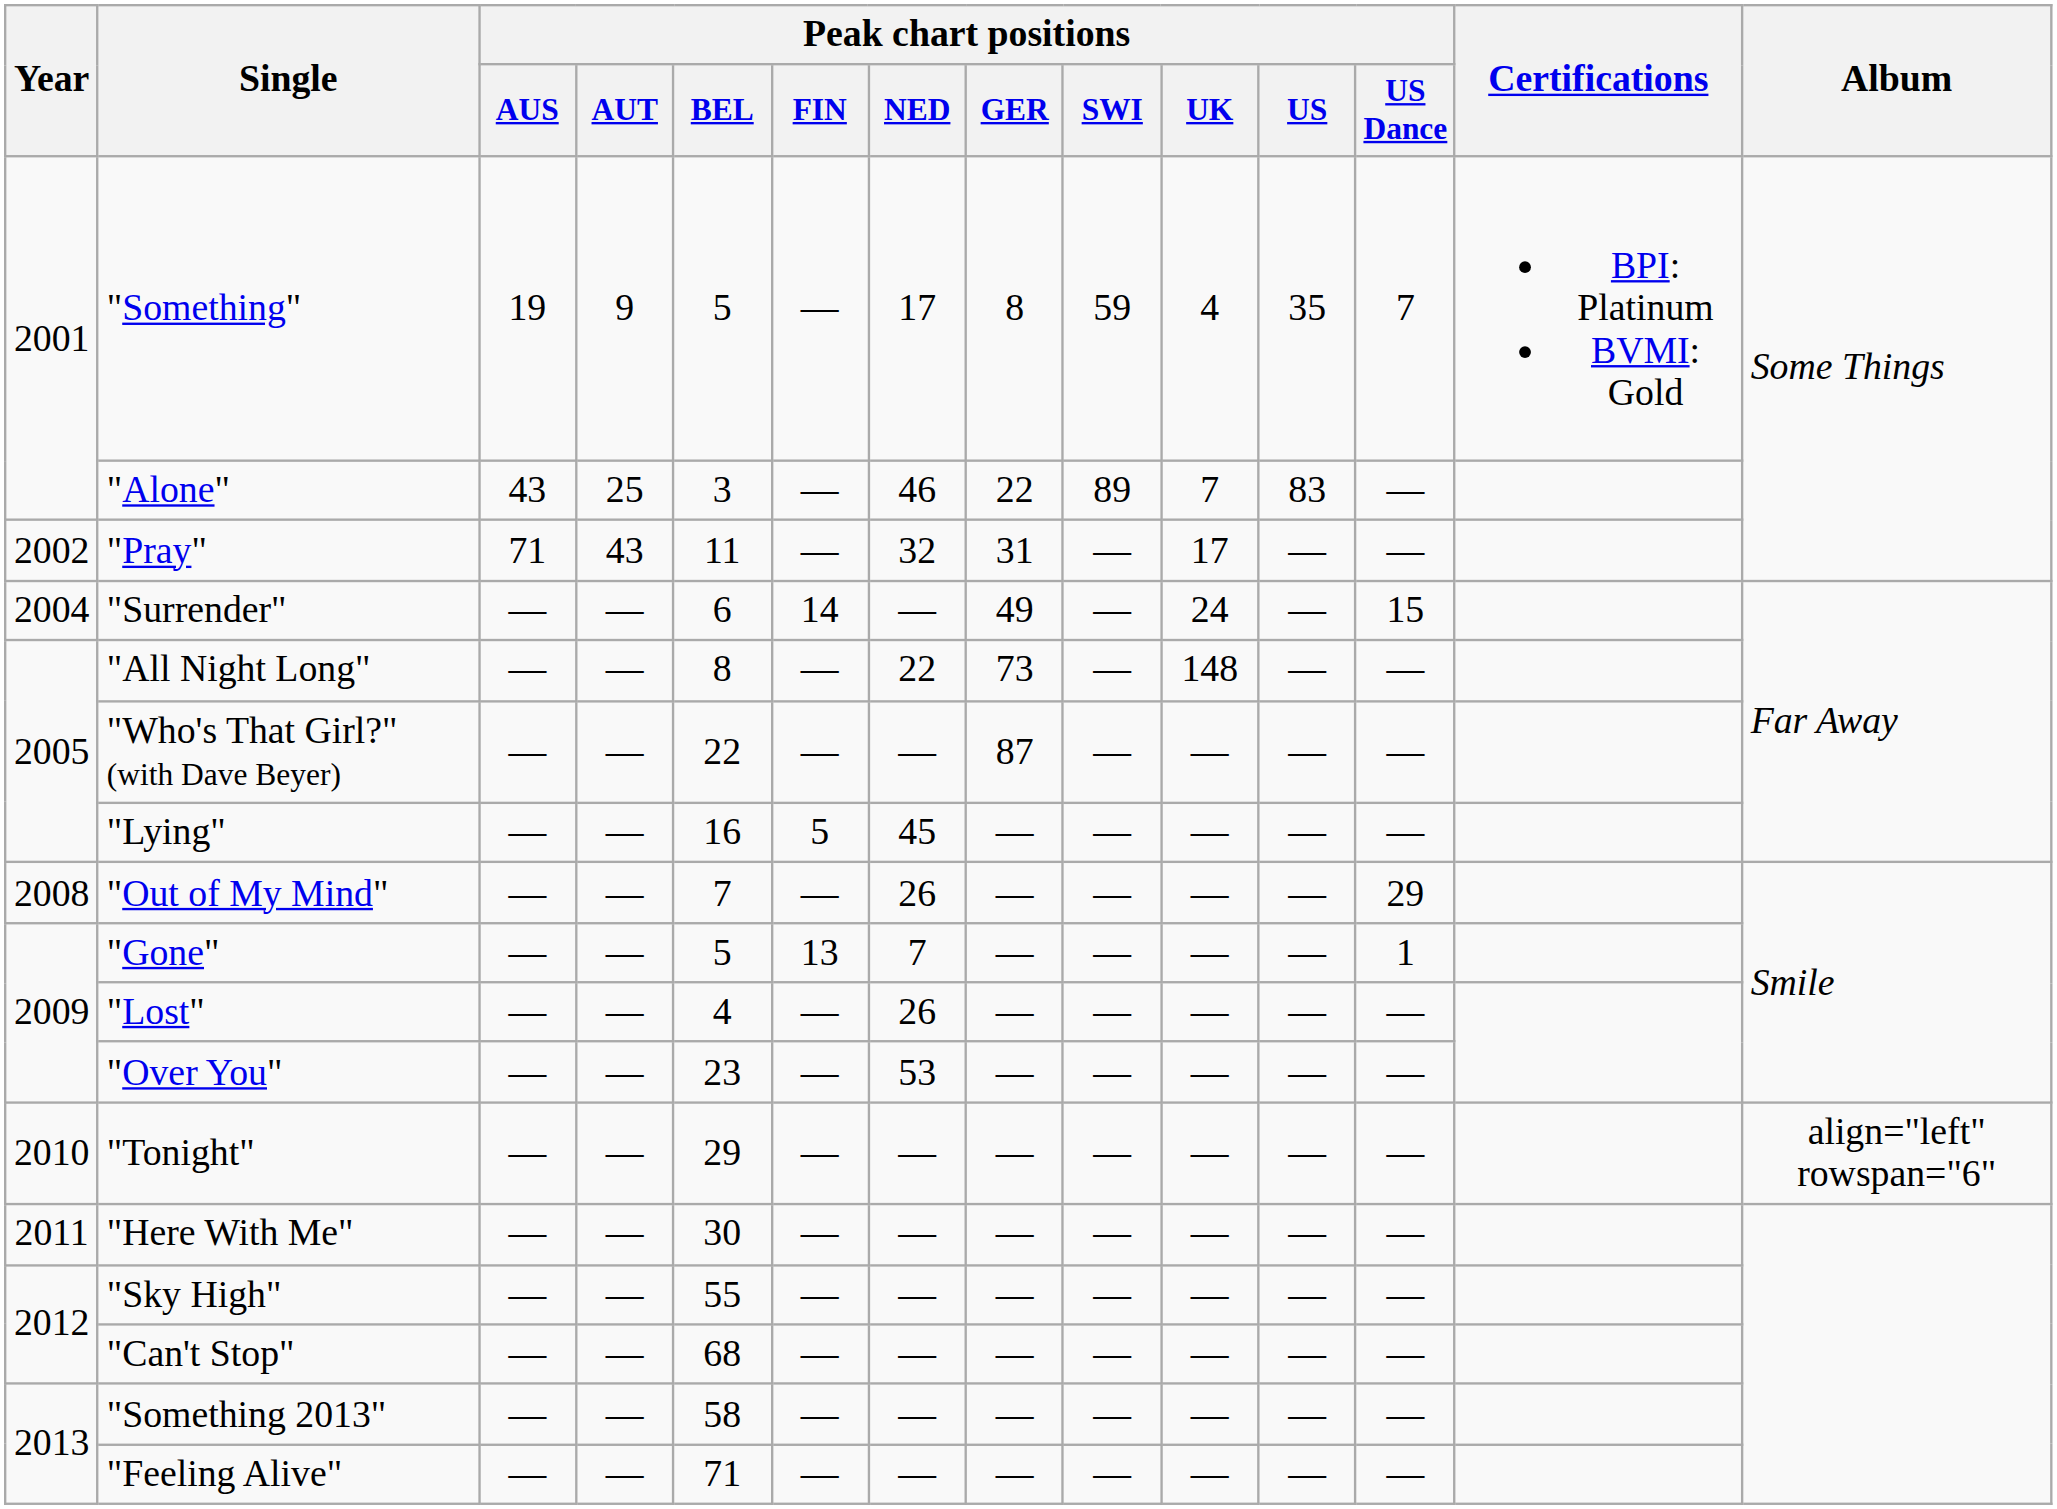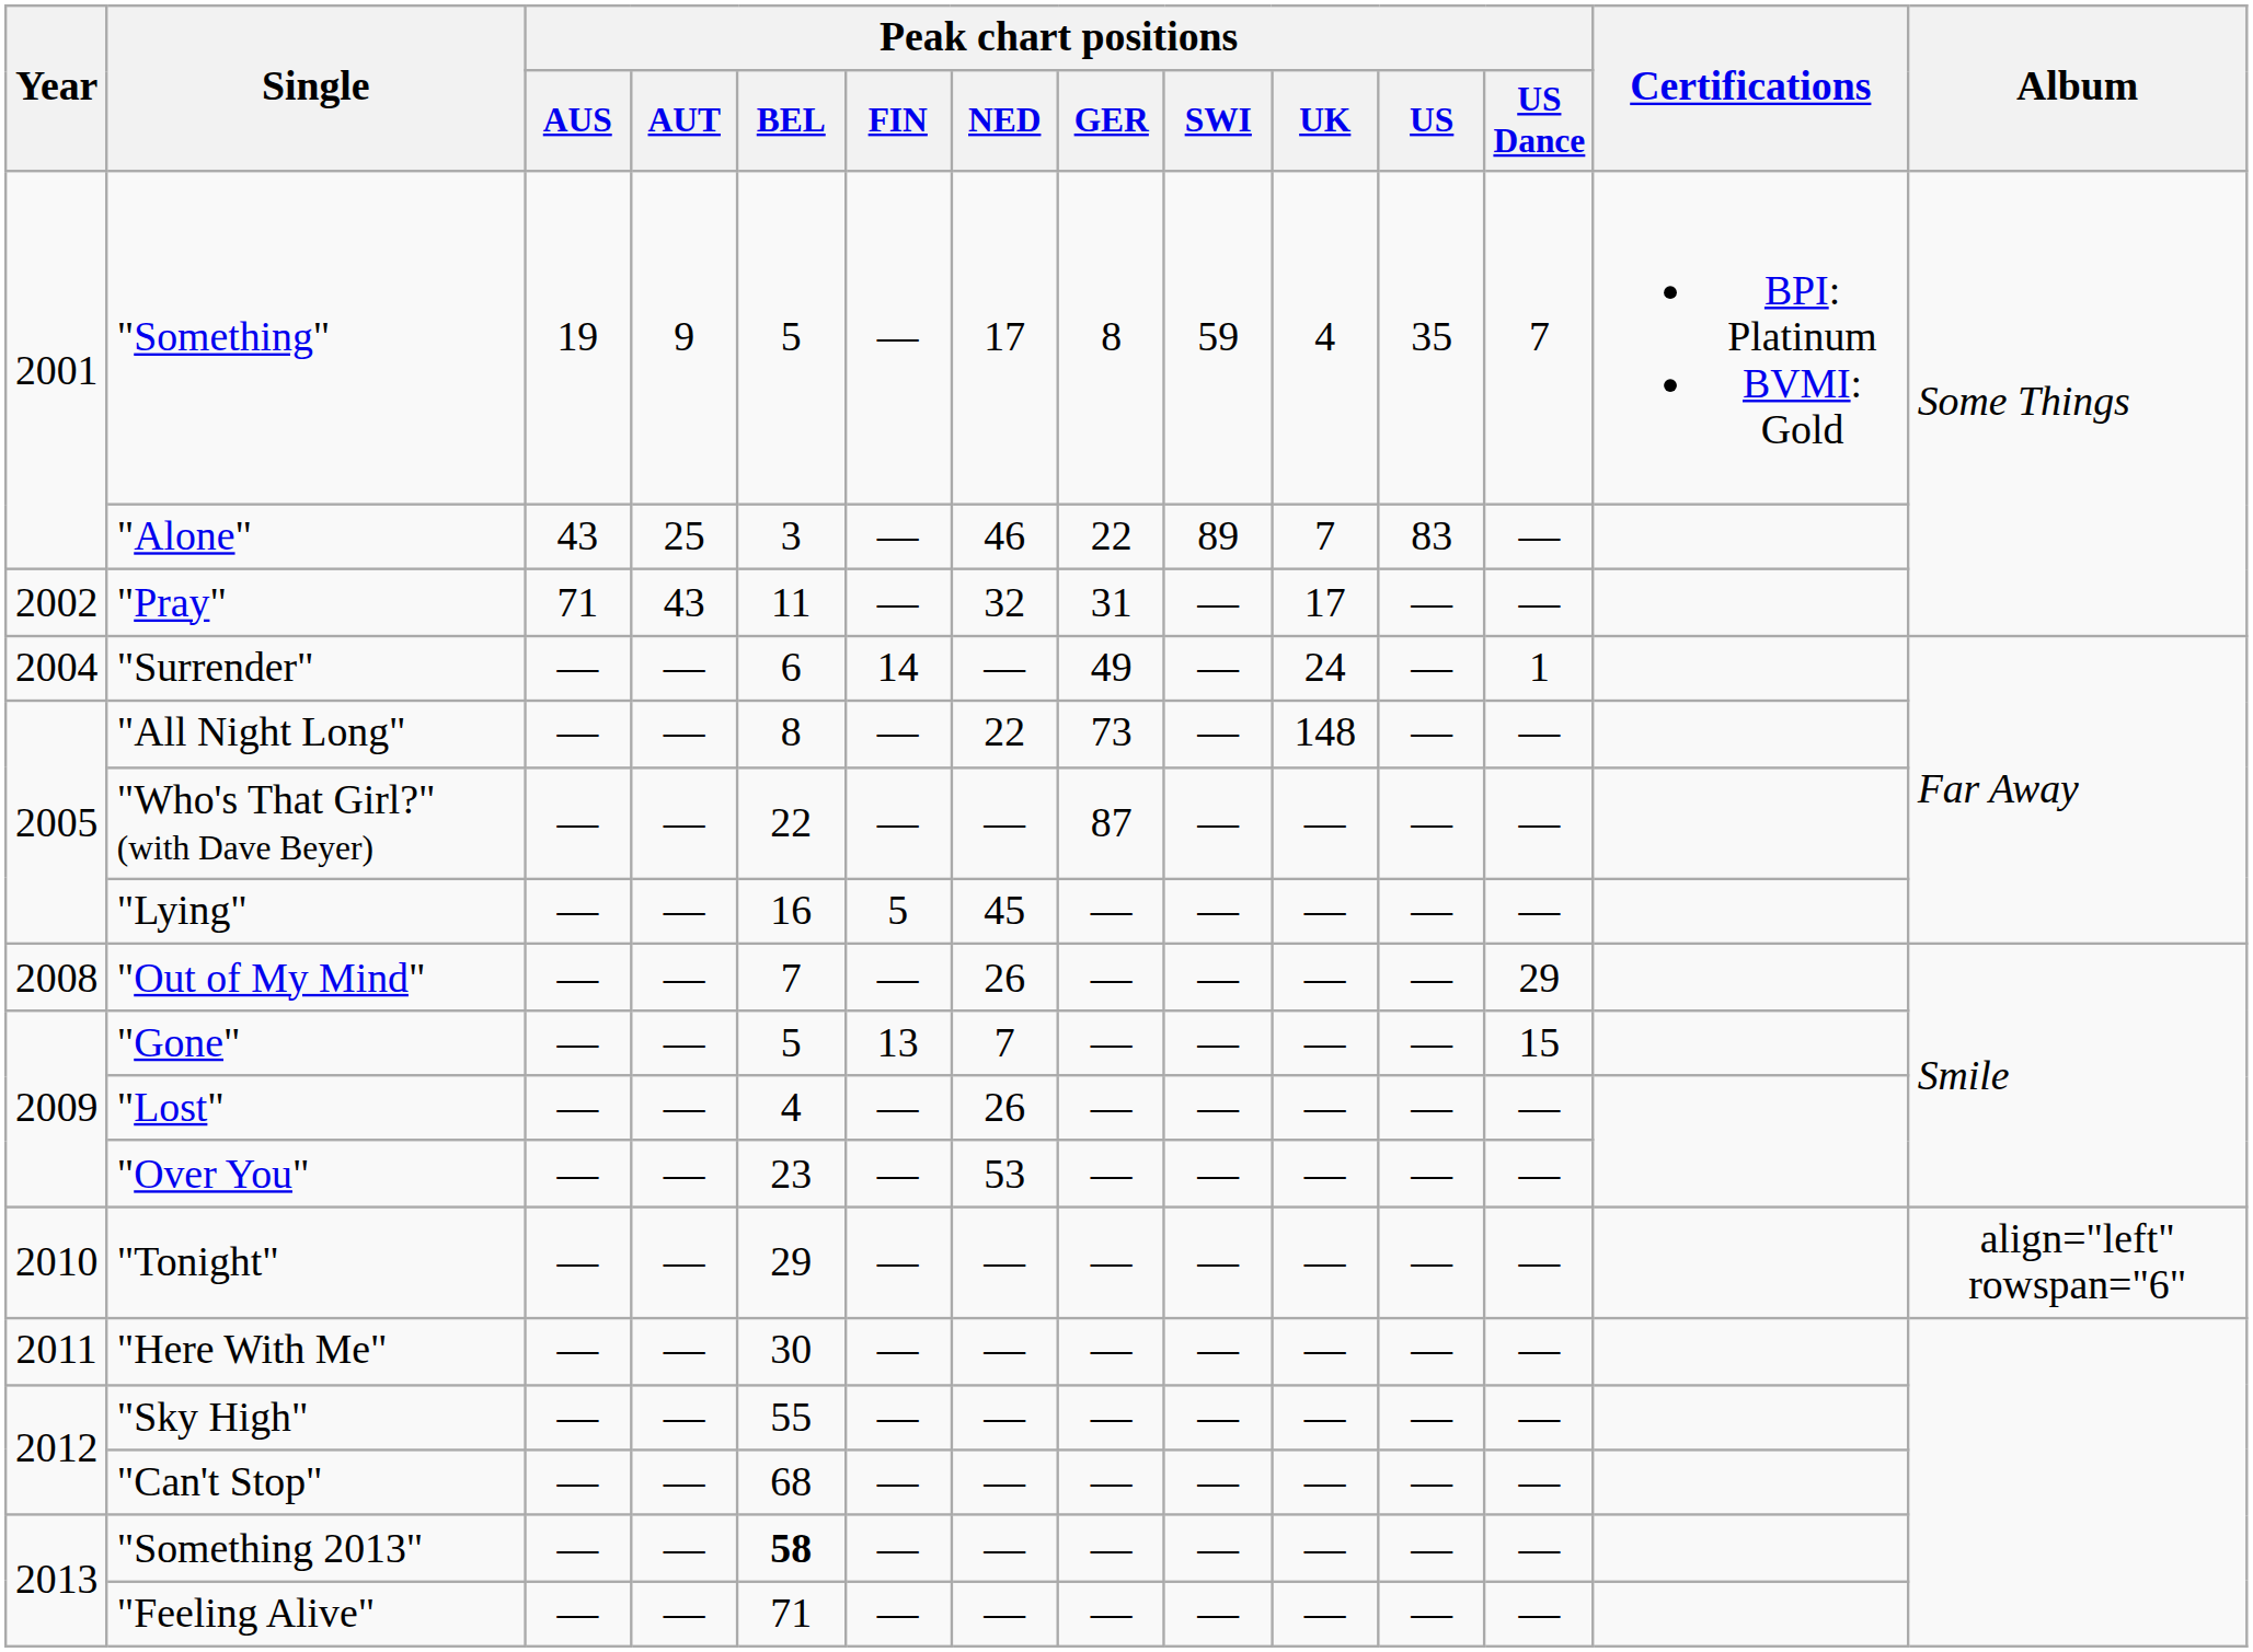 <table class="wikitable" style="text-align:center;">
 <tr>
 <th rowspan="2">Year</th>
 <th rowspan="2">Single</th>
 <th colspan="10">Peak chart positions</th>
 <th rowspan="2"><a href='#'>Certifications</a></th>
 <th rowspan="2">Album</th>
 </tr>
 <tr style="font-size:smaller;">
 <th width="35"><a href='#'>AUS</a><br></th>
 <th width="35"><a href='#'>AUT</a></th>
 <th width="35"><a href='#'>BEL</a></th>
 <th width="35"><a href='#'>FIN</a></th>
 <th width="35"><a href='#'>NED</a></th>
 <th width="35"><a href='#'>GER</a></th>
 <th width="35"><a href='#'>SWI</a></th>
 <th width="35"><a href='#'>UK</a><br></th>
 <th width="35"><a href='#'>US</a></th>
 <th width="35"><a href='#'>US Dance</a></th>
 </tr>
 <tr>
 <td rowspan=2>2001</td>
 <td style="text-align:left">"<a href='#'>Something</a>"</td>
 <td>19</td>
 <td>9</td>
 <td>5</td>
 <td>—</td>
 <td>17</td>
 <td>8</td>
 <td>59</td>
 <td>4</td>
 <td>35</td>
 <td>7</td>
 <td><br><ul><li><a href='#'>BPI</a>: Platinum</li><li><a href='#'>BVMI</a>: Gold</li></ul></td>
 <td align="left" rowspan="3"><em>Some Things</em></td>
 </tr>
 <tr>
 <td style="text-align:left">"<a href='#'>Alone</a>"</td>
 <td>43</td>
 <td>25</td>
 <td>3</td>
 <td>—</td>
 <td>46</td>
 <td>22</td>
 <td>89</td>
 <td>7</td>
 <td>83</td>
 <td>—</td>
 <td></td>
 </tr>
 <tr>
 <td>2002</td>
 <td style="text-align:left">"<a href='#'>Pray</a>"</td>
 <td>71</td>
 <td>43</td>
 <td>11</td>
 <td>—</td>
 <td>32</td>
 <td>31</td>
 <td>—</td>
 <td>17</td>
 <td>—</td>
 <td>—</td>
 </tr>
 <tr>
 <td>2004</td>
 <td style="text-align:left">"Surrender"</td>
 <td>—</td>
 <td>—</td>
 <td>6</td>
 <td>14</td>
 <td>—</td>
 <td>49</td>
 <td>—</td>
 <td>24</td>
 <td>—</td>
-<td>15</td>
+<td>1</td>
 <td></td>
 <td align="left" rowspan="4"><em>Far Away</em></td>
 </tr>
 <tr>
 <td rowspan=3>2005</td>
 <td style="text-align:left">"All Night Long"</td>
 <td>—</td>
 <td>—</td>
 <td>8</td>
 <td>—</td>
 <td>22</td>
 <td>73</td>
 <td>—</td>
 <td>148</td>
 <td>—</td>
 <td>—</td>
 <td></td>
 </tr>
 <tr>
 <td style="text-align:left">"Who's That Girl?" <small>(with Dave Beyer)</small></td>
 <td>—</td>
 <td>—</td>
 <td>22</td>
 <td>—</td>
 <td>—</td>
 <td>87</td>
 <td>—</td>
 <td>—</td>
 <td>—</td>
 <td>—</td>
 <td></td>
 </tr>
 <tr>
 <td style="text-align:left">"Lying"</td>
 <td>—</td>
 <td>—</td>
 <td>16</td>
 <td>5</td>
 <td>45</td>
 <td>—</td>
 <td>—</td>
 <td>—</td>
 <td>—</td>
 <td>—</td>
 <td></td>
 </tr>
 <tr>
 <td>2008</td>
 <td style="text-align:left">"<a href='#'>Out of My Mind</a>"</td>
 <td>—</td>
 <td>—</td>
 <td>7</td>
 <td>—</td>
 <td>26</td>
 <td>—</td>
 <td>—</td>
 <td>—</td>
 <td>—</td>
 <td>29</td>
 <td></td>
 <td align="left" rowspan="4"><em>Smile</em></td>
 </tr>
 <tr>
 <td rowspan=3>2009</td>
 <td style="text-align:left">"<a href='#'>Gone</a>"</td>
 <td>—</td>
 <td>—</td>
 <td>5</td>
 <td>13</td>
 <td>7</td>
 <td>—</td>
 <td>—</td>
 <td>—</td>
 <td>—</td>
-<td>1</td>
+<td>15</td>
 <td></td>
 </tr>
 <tr>
 <td style="text-align:left">"<a href='#'>Lost</a>"</td>
 <td>—</td>
 <td>—</td>
 <td>4</td>
 <td>—</td>
 <td>26</td>
 <td>—</td>
 <td>—</td>
 <td>—</td>
 <td>—</td>
 <td>—</td>
 </tr>
 <tr>
 <td style="text-align:left">"<a href='#'>Over You</a>"</td>
 <td>—</td>
 <td>—</td>
 <td>23</td>
 <td>—</td>
 <td>53</td>
 <td>—</td>
 <td>—</td>
 <td>—</td>
 <td>—</td>
 <td>—</td>
 </tr>
 <tr>
 <td>2010</td>
 <td style="text-align:left">"Tonight"</td>
 <td>—</td>
 <td>—</td>
 <td>29</td>
 <td>—</td>
 <td>—</td>
 <td>—</td>
 <td>—</td>
 <td>—</td>
 <td>—</td>
 <td>—</td>
 <td></td>
 <td>align="left" rowspan="6" </td>
 </tr>
 <tr>
 <td>2011</td>
 <td style="text-align:left">"Here With Me"</td>
 <td>—</td>
 <td>—</td>
 <td>30</td>
 <td>—</td>
 <td>—</td>
 <td>—</td>
 <td>—</td>
 <td>—</td>
 <td>—</td>
 <td>—</td>
 <td></td>
 </tr>
 <tr>
 <td rowspan=2>2012</td>
 <td style="text-align:left">"Sky High"</td>
 <td>—</td>
 <td>—</td>
 <td>55</td>
 <td>—</td>
 <td>—</td>
 <td>—</td>
 <td>—</td>
 <td>—</td>
 <td>—</td>
 <td>—</td>
 <td></td>
 </tr>
 <tr>
 <td style="text-align:left">"Can't Stop"</td>
 <td>—</td>
 <td>—</td>
 <td>68</td>
 <td>—</td>
 <td>—</td>
 <td>—</td>
 <td>—</td>
 <td>—</td>
 <td>—</td>
 <td>—</td>
 <td></td>
 </tr>
 <tr>
 <td rowspan=2>2013</td>
 <td style="text-align:left">"Something 2013"</td>
 <td>—</td>
 <td>—</td>
-<td>58</td>
+<td><strong>58</strong></td>
 <td>—</td>
 <td>—</td>
 <td>—</td>
 <td>—</td>
 <td>—</td>
 <td>—</td>
 <td>—</td>
 <td></td>
 </tr>
 <tr>
 <td style="text-align:left">"Feeling Alive"</td>
 <td>—</td>
 <td>—</td>
 <td>71</td>
 <td>—</td>
 <td>—</td>
 <td>—</td>
 <td>—</td>
 <td>—</td>
 <td>—</td>
 <td>—</td>
 <td></td>
 </tr>
 </table>
